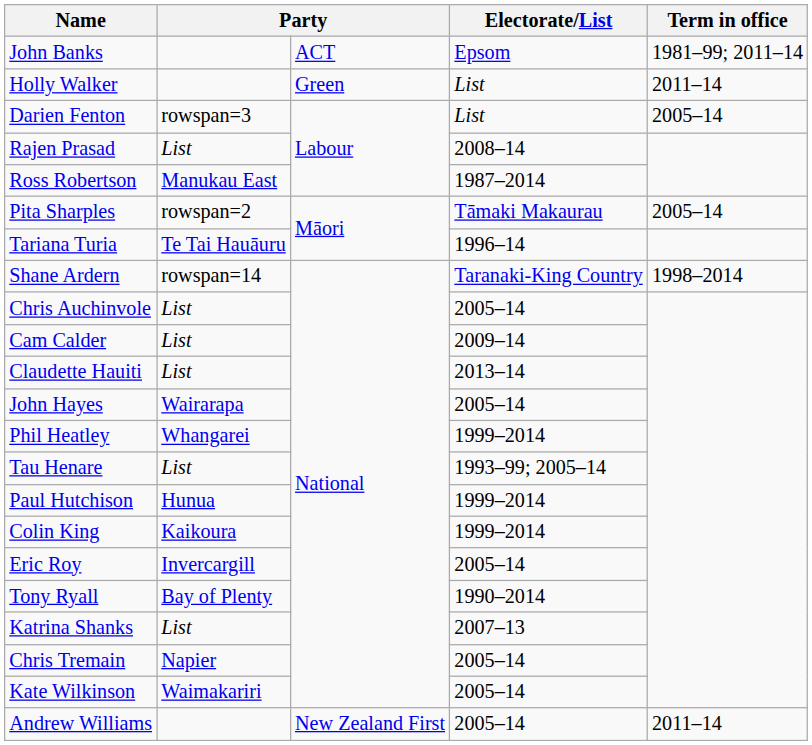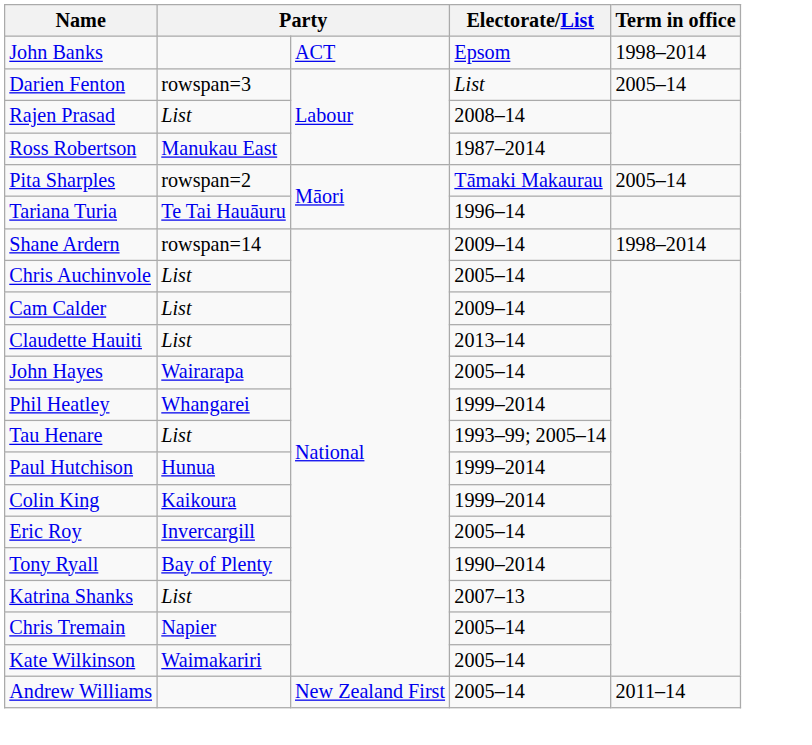 <table class=wikitable>
 <tr>
 <th>Name</th>
 <th colspan=2>Party</th>
 <th>Electorate/<a href='#'>List</a></th>
 <th>Term in office</th>
 </tr>
 <tr>
 <td><a href='#'>John Banks</a></td>
 <td></td>
 <td><a href='#'>ACT</a></td>
 <td><a href='#'>Epsom</a></td>
-<td>1981–99; 2011–14</td>
-</tr>
-<tr>
-<td><a href='#'>Holly Walker</a></td>
-<td></td>
-<td><a href='#'>Green</a></td>
-<td><em>List</em></td>
-<td>2011–14</td>
+<td>1998–2014</td>
 </tr>
 <tr>
 <td><a href='#'>Darien Fenton</a></td>
 <td>rowspan=3 </td>
 <td rowspan=3><a href='#'>Labour</a></td>
 <td><em>List</em></td>
 <td>2005–14</td>
 </tr>
 <tr>
 <td><a href='#'>Rajen Prasad</a></td>
 <td><em>List</em></td>
 <td>2008–14</td>
 </tr>
 <tr>
 <td><a href='#'>Ross Robertson</a></td>
 <td><a href='#'>Manukau East</a></td>
 <td>1987–2014</td>
 </tr>
 <tr>
 <td><a href='#'>Pita Sharples</a></td>
 <td>rowspan=2 </td>
 <td rowspan=2><a href='#'>Māori</a></td>
 <td><a href='#'>Tāmaki Makaurau</a></td>
 <td>2005–14</td>
 </tr>
 <tr>
 <td><a href='#'>Tariana Turia</a></td>
 <td><a href='#'>Te Tai Hauāuru</a></td>
 <td>1996–14</td>
 </tr>
 <tr>
 <td><a href='#'>Shane Ardern</a></td>
 <td>rowspan=14 </td>
 <td rowspan=14><a href='#'>National</a></td>
-<td><a href='#'>Taranaki-King Country</a></td>
+<td>2009–14</td>
 <td>1998–2014</td>
 </tr>
 <tr>
 <td><a href='#'>Chris Auchinvole</a></td>
 <td><em>List</em></td>
 <td>2005–14</td>
 </tr>
 <tr>
 <td><a href='#'>Cam Calder</a></td>
 <td><em>List</em></td>
 <td>2009–14</td>
 </tr>
 <tr>
 <td><a href='#'>Claudette Hauiti</a></td>
 <td><em>List</em></td>
 <td>2013–14</td>
 </tr>
 <tr>
 <td><a href='#'>John Hayes</a></td>
 <td><a href='#'>Wairarapa</a></td>
 <td>2005–14</td>
 </tr>
 <tr>
 <td><a href='#'>Phil Heatley</a></td>
 <td><a href='#'>Whangarei</a></td>
 <td>1999–2014</td>
 </tr>
 <tr>
 <td><a href='#'>Tau Henare</a></td>
 <td><em>List</em></td>
 <td>1993–99; 2005–14</td>
 </tr>
 <tr>
 <td><a href='#'>Paul Hutchison</a></td>
 <td><a href='#'>Hunua</a></td>
 <td>1999–2014</td>
 </tr>
 <tr>
 <td><a href='#'>Colin King</a></td>
 <td><a href='#'>Kaikoura</a></td>
 <td>1999–2014</td>
 </tr>
 <tr>
 <td><a href='#'>Eric Roy</a></td>
 <td><a href='#'>Invercargill</a></td>
 <td>2005–14</td>
 </tr>
 <tr>
 <td><a href='#'>Tony Ryall</a></td>
 <td><a href='#'>Bay of Plenty</a></td>
 <td>1990–2014</td>
 </tr>
 <tr>
 <td><a href='#'>Katrina Shanks</a></td>
 <td><em>List</em></td>
 <td>2007–13</td>
 </tr>
 <tr>
 <td><a href='#'>Chris Tremain</a></td>
 <td><a href='#'>Napier</a></td>
 <td>2005–14</td>
 </tr>
 <tr>
 <td><a href='#'>Kate Wilkinson</a></td>
 <td><a href='#'>Waimakariri</a></td>
 <td>2005–14</td>
 </tr>
 <tr>
 <td><a href='#'>Andrew Williams</a></td>
 <td></td>
 <td><a href='#'>New Zealand First</a></td>
 <td>2005–14</td>
 <td>2011–14</td>
 </tr>
 </table>
